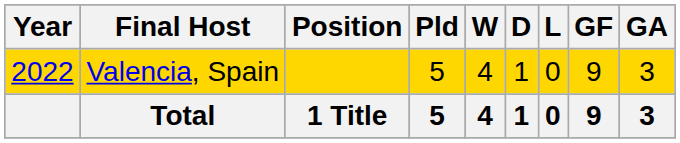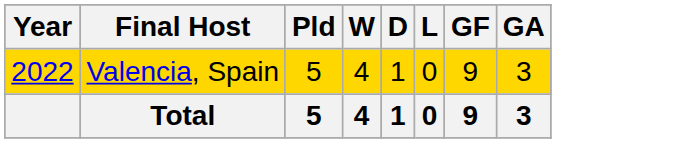 <table class="wikitable" style="text-align: center;">
 <tr>
 <th>Year</th>
 <th>Final Host</th>
-<th>Position</th>
 <th>Pld</th>
 <th>W</th>
 <th>D</th>
 <th>L</th>
 <th>GF</th>
 <th>GA</th>
 </tr>
 <tr bgcolor=gold>
 <td><a href='#'>2022</a></td>
 <td align=left> <a href='#'>Valencia</a>, Spain</td>
-<td></td>
 <td>5</td>
 <td>4</td>
 <td>1</td>
 <td>0</td>
 <td>9</td>
 <td>3</td>
 </tr>
 <tr>
 <th></th>
 <th>Total</th>
-<th><strong>1 Title</strong></th>
 <th>5</th>
 <th>4</th>
 <th>1</th>
 <th>0</th>
 <th>9</th>
 <th>3</th>
 </tr>
 </table>
